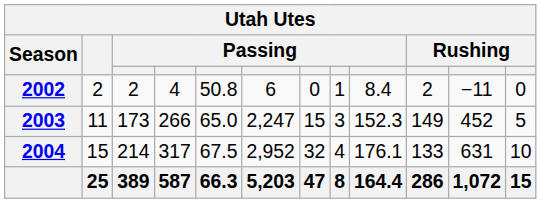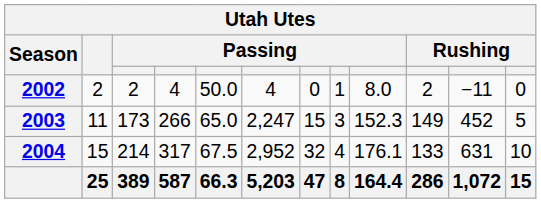 <table class="wikitable" style="text-align:center;">
 <tr>
 <th colspan="12">Utah Utes</th>
 </tr>
 <tr>
 <th rowspan="2">Season</th>
 <th rowspan="2"></th>
 <th colspan="7">Passing</th>
 <th colspan="3">Rushing</th>
 </tr>
 <tr>
 <th></th>
 <th></th>
 <th></th>
 <th></th>
 <th></th>
 <th></th>
 <th></th>
 <th></th>
 <th></th>
 <th></th>
 </tr>
 <tr>
 <th><a href='#'>2002</a></th>
 <td>2</td>
 <td>2</td>
 <td>4</td>
-<td>50.8</td>
-<td>6</td>
+<td>50.0</td>
+<td>4</td>
 <td>0</td>
 <td>1</td>
-<td>8.4</td>
+<td>8.0</td>
 <td>2</td>
 <td>−11</td>
 <td>0</td>
 </tr>
 <tr>
 <th><a href='#'>2003</a></th>
 <td>11</td>
 <td>173</td>
 <td>266</td>
 <td>65.0</td>
 <td>2,247</td>
 <td>15</td>
 <td>3</td>
 <td>152.3</td>
 <td>149</td>
 <td>452</td>
 <td>5</td>
 </tr>
 <tr>
 <th><a href='#'>2004</a></th>
 <td>15</td>
 <td>214</td>
 <td>317</td>
 <td>67.5</td>
 <td>2,952</td>
 <td>32</td>
 <td>4</td>
 <td>176.1</td>
 <td>133</td>
 <td>631</td>
 <td>10</td>
 </tr>
 <tr>
 <th></th>
 <th>25</th>
 <th>389</th>
 <th>587</th>
 <th>66.3</th>
 <th>5,203</th>
 <th>47</th>
 <th>8</th>
 <th>164.4</th>
 <th>286</th>
 <th>1,072</th>
 <th>15</th>
 </tr>
 </table>
